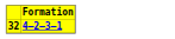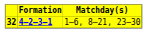 <table class="toccolours" border="0" cellpadding="2" cellspacing="0" align="center" style="margin: 0.5em 0 1em 1em; background: #000000; border: 1px #aaaaaa solid;">
 <tr bgcolor=#FFFF00>
 <th></th>
 <th>Formation</th>
+<th>Matchday(s)</th>
 </tr>
 <tr bgcolor=#FFFF00>
 <td><strong>32</strong></td>
 <td><a href='#'><span><strong>4–2–3–1</strong></span></a></td>
+<td>1–6, 8–21, 23–30</td>
 </tr>
 </table>
